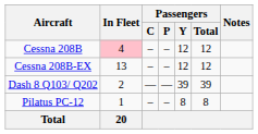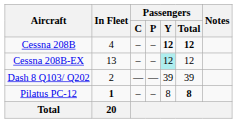 <table class="wikitable" style="text-align:center;margin:1em auto;">
 <tr>
 <th rowspan="2">Aircraft</th>
 <th rowspan="2">In Fleet</th>
 <th colspan="4">Passengers</th>
 <th rowspan="2">Notes</th>
 </tr>
 <tr>
 <th><abbr>C</abbr></th>
 <th><abbr>P</abbr></th>
 <th><abbr>Y</abbr></th>
 <th>Total</th>
 </tr>
 <tr>
 <td><a href='#'>Cessna 208B</a></td>
-<td style="background: pink;">4</td>
+<td>4</td>
 <td>–</td>
 <td>–</td>
-<td>12</td>
-<td>12</td>
+<td><strong>12</strong></td>
+<td><strong>12</strong></td>
 <td></td>
 </tr>
 <tr>
 <td><a href='#'>Cessna 208B-EX</a></td>
 <td>13</td>
 <td>–</td>
 <td>–</td>
-<td>12</td>
+<td style="background: paleturquoise;">12</td>
 <td>12</td>
 <td></td>
 </tr>
 <tr>
 <td><a href='#'>Dash 8 Q103/ Q202</a></td>
 <td>2</td>
 <td>—</td>
 <td>—</td>
 <td>39</td>
 <td>39</td>
 <td></td>
 </tr>
 <tr>
 <td><a href='#'>Pilatus PC-12</a></td>
-<td>1</td>
+<td><strong>1</strong></td>
 <td>–</td>
 <td>–</td>
 <td>8</td>
-<td>8</td>
+<td><strong>8</strong></td>
 <td></td>
 </tr>
 <tr>
 <th>Total</th>
 <th>20</th>
 <th colspan="5"></th>
 </tr>
 </table>
